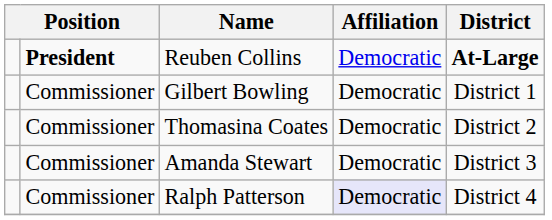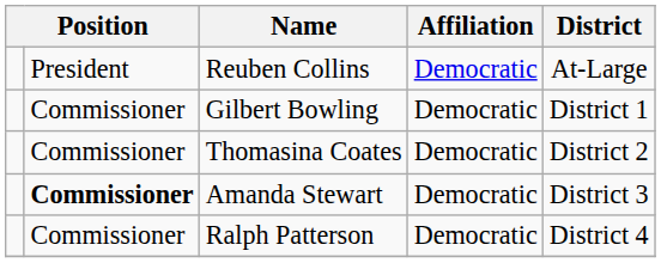 <table class=wikitable>
 <tr>
 <th colspan=2 align=center valign=bottom>Position</th>
 <th style="text-align:center;">Name</th>
 <th valign=bottom>Affiliation</th>
 <th valign=bottom align=center>District</th>
 </tr>
 <tr>
 <td style="background-color:"> </td>
-<td><strong>President</strong></td>
+<td>President</td>
 <td>Reuben Collins</td>
 <td style="text-align:center;"><a href='#'>Democratic</a></td>
-<td style="text-align:center;"><strong>At-Large</strong></td>
+<td style="text-align:center;">At-Large</td>
 </tr>
 <tr>
 <td style="background-color:"> </td>
 <td>Commissioner</td>
 <td>Gilbert Bowling</td>
 <td style="text-align:center;">Democratic</td>
 <td style="text-align:center;">District 1</td>
 </tr>
 <tr>
 <td style="background-color:"> </td>
 <td>Commissioner</td>
 <td>Thomasina Coates</td>
 <td style="text-align:center;">Democratic</td>
 <td style="text-align:center;">District 2</td>
 </tr>
 <tr>
 <td style="background-color:"> </td>
-<td>Commissioner</td>
+<td><strong>Commissioner</strong></td>
 <td>Amanda Stewart</td>
 <td style="text-align:center;">Democratic</td>
 <td style="text-align:center;">District 3</td>
 </tr>
 <tr>
 <td style="background-color:"> </td>
 <td>Commissioner</td>
 <td>Ralph Patterson</td>
-<td style="background: lavender; text-align:center;">Democratic</td>
+<td style="text-align:center;">Democratic</td>
 <td style="text-align:center;">District 4</td>
 </tr>
 <tr>
 </tr>
 </table>
